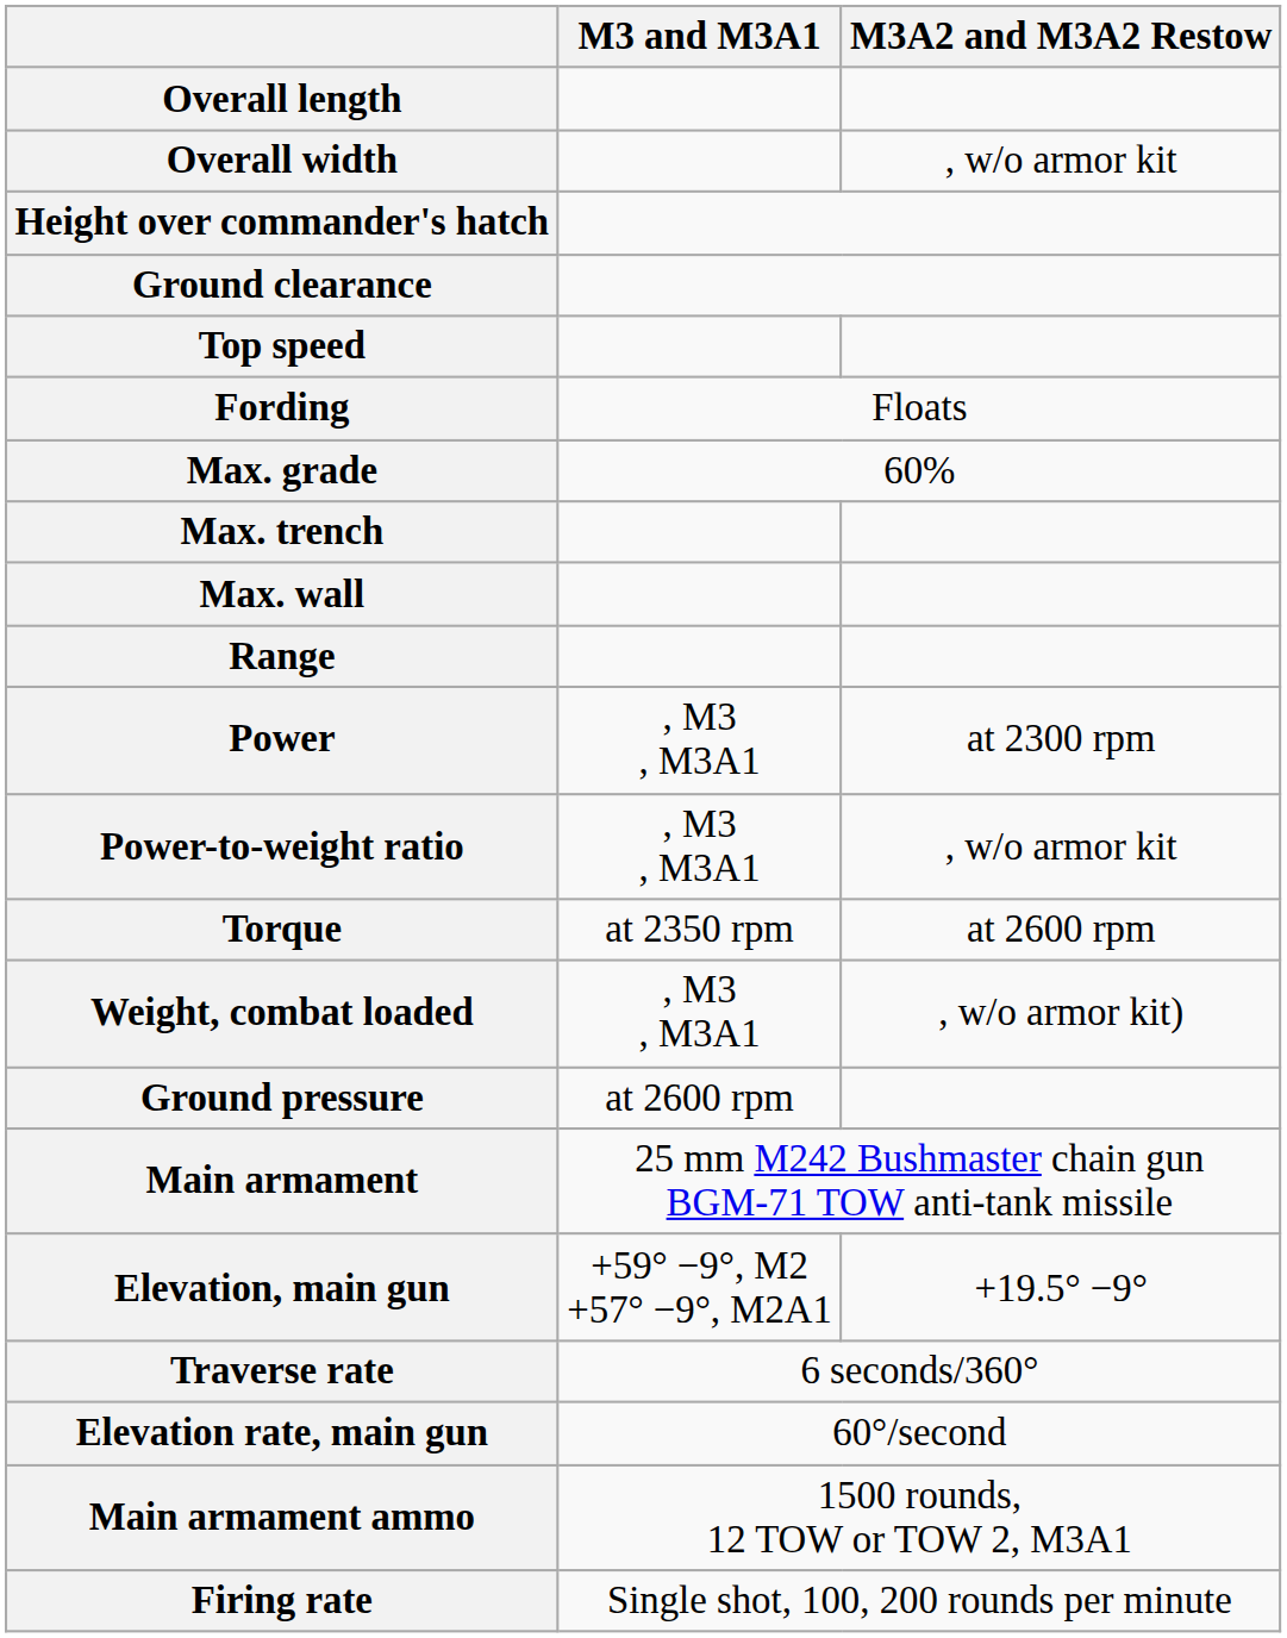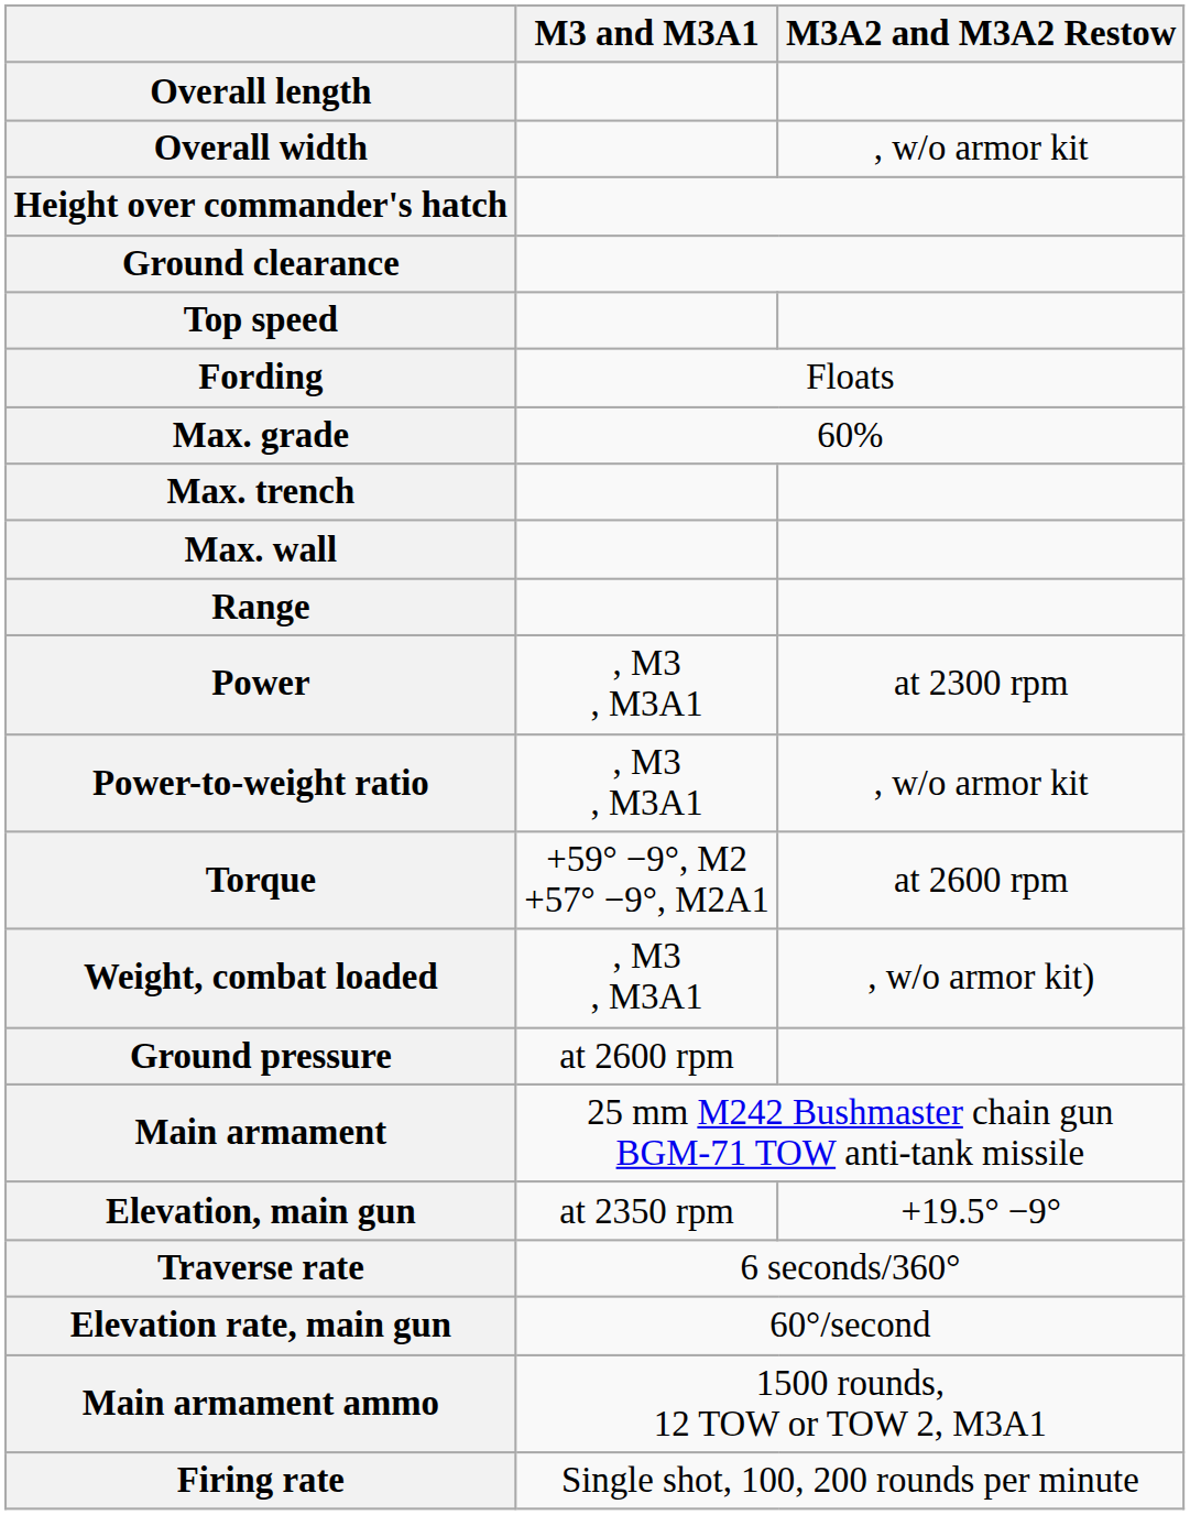 <table class="wikitable" style="text-align:center;">
 <tr>
 <th></th>
 <th>M3 and M3A1</th>
 <th>M3A2 and M3A2 Restow</th>
 </tr>
 <tr>
 <th>Overall length</th>
 <td></td>
 <td></td>
 </tr>
 <tr>
 <th>Overall width</th>
 <td></td>
 <td>, w/o armor kit</td>
 </tr>
 <tr>
 <th>Height over commander's hatch</th>
 <td colspan="2"></td>
 </tr>
 <tr>
 <th>Ground clearance</th>
 <td colspan="2"></td>
 </tr>
 <tr>
 <th>Top speed</th>
 <td></td>
 <td></td>
 </tr>
 <tr>
 <th>Fording</th>
 <td colspan="2">Floats</td>
 </tr>
 <tr>
 <th>Max. grade</th>
 <td colspan="2">60%</td>
 </tr>
 <tr>
 <th>Max. trench</th>
 <td></td>
 <td></td>
 </tr>
 <tr>
 <th>Max. wall</th>
 <td></td>
 <td></td>
 </tr>
 <tr>
 <th>Range</th>
 <td></td>
 <td></td>
 </tr>
 <tr>
 <th>Power</th>
 <td>, M3 <br>, M3A1</td>
 <td> at 2300 rpm</td>
 </tr>
 <tr>
 <th>Power-to-weight ratio</th>
 <td>, M3<br>, M3A1</td>
 <td>, w/o armor kit</td>
 </tr>
 <tr>
 <th>Torque</th>
-<td> at 2350 rpm</td>
+<td>+59° −9°, M2 <br>+57° −9°, M2A1</td>
 <td> at 2600 rpm</td>
 </tr>
 <tr>
 <th>Weight, combat loaded</th>
 <td>, M3 <br>, M3A1</td>
 <td>, w/o armor kit)</td>
 </tr>
 <tr>
 <th>Ground pressure</th>
 <td> at 2600 rpm</td>
 <td></td>
 </tr>
 <tr>
 <th>Main armament</th>
 <td colspan="3">25 mm <a href='#'>M242 Bushmaster</a> chain gun <br><a href='#'>BGM-71 TOW</a> anti-tank missile</td>
 </tr>
 <tr>
 <th>Elevation, main gun</th>
-<td>+59° −9°, M2 <br>+57° −9°, M2A1</td>
+<td> at 2350 rpm</td>
 <td colspan="2">+19.5° −9°</td>
 </tr>
 <tr>
 <th>Traverse rate</th>
 <td colspan="3">6 seconds/360°</td>
 </tr>
 <tr>
 <th>Elevation rate, main gun</th>
 <td colspan="3">60°/second</td>
 </tr>
 <tr>
 <th>Main armament ammo</th>
 <td colspan="2">1500 rounds,<br>12 TOW or TOW 2, M3A1</td>
 </tr>
 <tr>
 <th>Firing rate</th>
 <td colspan="2">Single shot, 100, 200 rounds per minute</td>
 </tr>
 </table>
